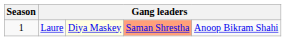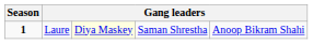 <table class="wikitable">
 <tr>
 <th>Season</th>
 <th colspan="5">Gang leaders</th>
 </tr>
 <tr>
-<td style="text-align:center;">1</td>
+<td style="text-align:center;"><strong>1</strong></td>
 <td><a href='#'>Laure</a></td>
 <td style="background: lightyellow;"><a href='#'>Diya Maskey</a></td>
-<td style="background: lightsalmon;"><a href='#'>Saman Shrestha</a></td>
+<td><a href='#'>Saman Shrestha</a></td>
 <td><a href='#'>Anoop Bikram Shahi</a></td>
 </tr>
 </table>
